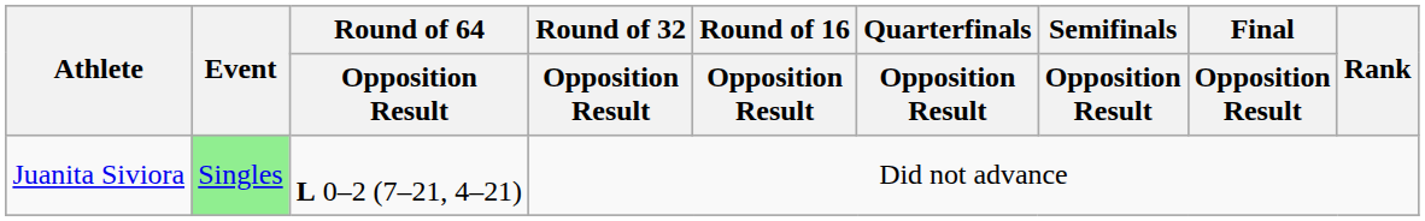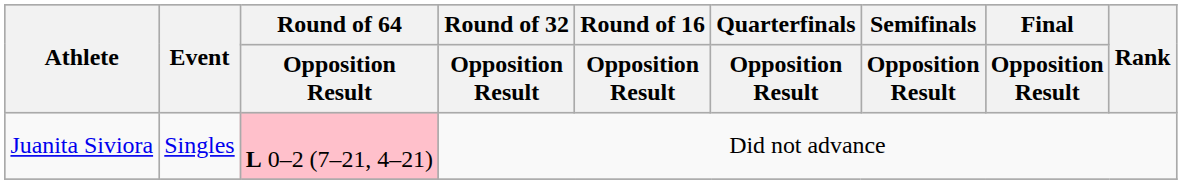 <table class="wikitable" style="font-size:90%">
 <tr>
 <th rowspan="2">Athlete</th>
 <th rowspan="2">Event</th>
 <th>Round of 64</th>
 <th>Round of 32</th>
 <th>Round of 16</th>
 <th>Quarterfinals</th>
 <th>Semifinals</th>
 <th>Final</th>
 <th rowspan="2">Rank</th>
 </tr>
 <tr>
 <th>Opposition<br>Result</th>
 <th>Opposition<br>Result</th>
 <th>Opposition<br>Result</th>
 <th>Opposition<br>Result</th>
 <th>Opposition<br>Result</th>
 <th>Opposition<br>Result</th>
 </tr>
 <tr align=center>
 <td align=left><a href='#'>Juanita Siviora</a></td>
-<td align=left style="background: lightgreen;"><a href='#'>Singles</a></td>
-<td><br><strong>L</strong> 0–2 (7–21, 4–21)</td>
+<td align=left><a href='#'>Singles</a></td>
+<td style="background: pink;"><br><strong>L</strong> 0–2 (7–21, 4–21)</td>
 <td colspan=6>Did not advance</td>
 </tr>
 </table>
